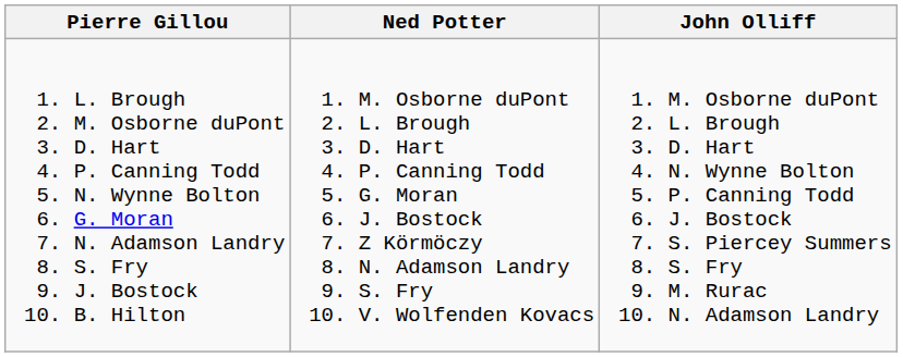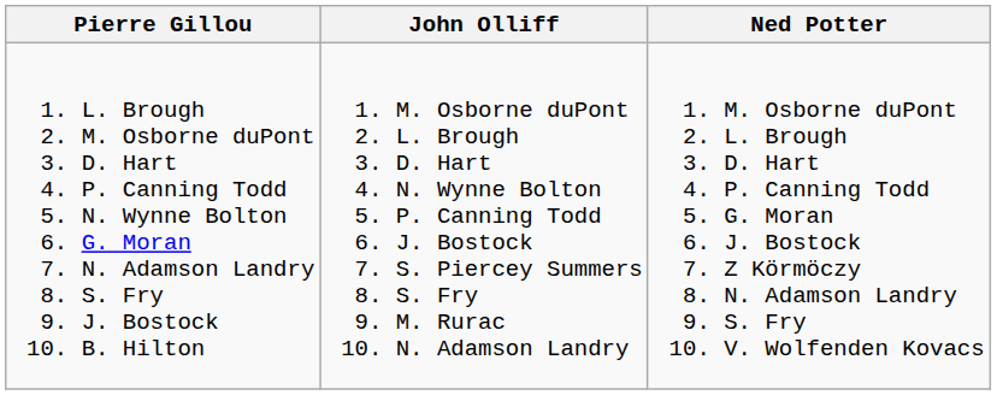 <table class="wikitable">
 <tr>
 <th>Pierre Gillou</th>
+<th>John Olliff</th>
 <th>Ned Potter</th>
-<th>John Olliff</th>
 </tr>
 <tr style="vertical-align: top;">
 <td style="white-space: nowrap;"><br><ol><li> L. Brough</li><li> M. Osborne duPont</li><li> D. Hart</li><li> P. Canning Todd</li><li> N. Wynne Bolton</li><li> <a href='#'>G. Moran</a></li><li> N. Adamson Landry</li><li> S. Fry</li><li> J. Bostock</li><li> B. Hilton</li></ol></td>
+<td style="white-space: nowrap;"><br><ol><li> M. Osborne duPont</li><li> L. Brough</li><li> D. Hart</li><li> N. Wynne Bolton</li><li> P. Canning Todd</li><li> J. Bostock</li><li> S. Piercey Summers</li><li> S. Fry</li><li> M. Rurac</li><li> N. Adamson Landry</li></ol></td>
 <td style="white-space: nowrap;"><br><ol><li> M. Osborne duPont</li><li> L. Brough</li><li> D. Hart</li><li> P. Canning Todd</li><li> G. Moran</li><li> J. Bostock</li><li> Z Körmöczy</li><li> N. Adamson Landry</li><li> S. Fry</li><li> V. Wolfenden Kovacs</li></ol></td>
-<td style="white-space: nowrap;"><br><ol><li> M. Osborne duPont</li><li> L. Brough</li><li> D. Hart</li><li> N. Wynne Bolton</li><li> P. Canning Todd</li><li> J. Bostock</li><li> S. Piercey Summers</li><li> S. Fry</li><li> M. Rurac</li><li> N. Adamson Landry</li></ol></td>
 </tr>
 </table>
